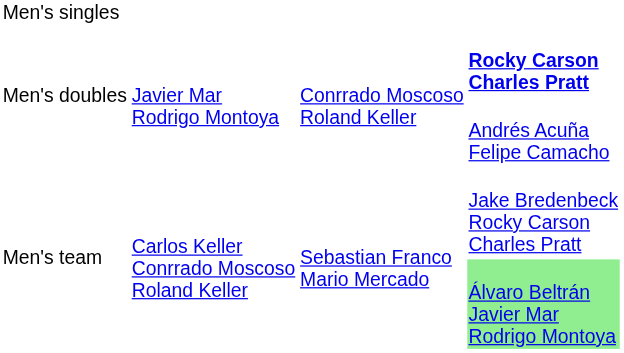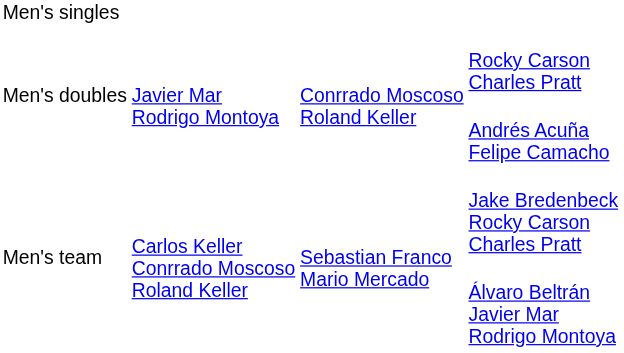 <table>
 <tr>
 <td rowspan=2>Men's singles<br></td>
 <td rowspan=2></td>
 <td rowspan=2></td>
 <td></td>
 </tr>
 <tr>
 <td></td>
 </tr>
 <tr>
 <td rowspan=2>Men's doubles<br></td>
 <td rowspan=2><br><a href='#'>Javier Mar</a><br><a href='#'>Rodrigo Montoya</a></td>
 <td rowspan=2><br><a href='#'>Conrrado Moscoso</a><br><a href='#'>Roland Keller</a></td>
-<td><strong><br><a href='#'>Rocky Carson</a><br><a href='#'>Charles Pratt</a></strong></td>
+<td><br><a href='#'>Rocky Carson</a><br><a href='#'>Charles Pratt</a></td>
 </tr>
 <tr>
 <td><br><a href='#'>Andrés Acuña</a><br><a href='#'>Felipe Camacho</a></td>
 </tr>
 <tr>
 <td rowspan=2>Men's team<br></td>
 <td rowspan=2><br><a href='#'>Carlos Keller</a><br><a href='#'>Conrrado Moscoso</a><br><a href='#'>Roland Keller</a></td>
 <td rowspan=2><br><a href='#'>Sebastian Franco</a><br><a href='#'>Mario Mercado</a></td>
 <td><br><a href='#'>Jake Bredenbeck</a><br><a href='#'>Rocky Carson</a><br><a href='#'>Charles Pratt</a></td>
 </tr>
 <tr>
-<td style="background: lightgreen;"><br><a href='#'>Álvaro Beltrán</a><br><a href='#'>Javier Mar</a><br><a href='#'>Rodrigo Montoya</a></td>
+<td><br><a href='#'>Álvaro Beltrán</a><br><a href='#'>Javier Mar</a><br><a href='#'>Rodrigo Montoya</a></td>
 </tr>
 </table>
